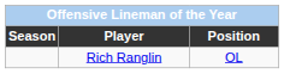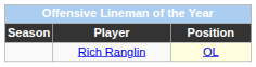 <table class="wikitable sortable" style="text-align:center">
 <tr>
 <td colspan="4" style="background:#ABCDEF; color:white;"><strong>Offensive Lineman of the Year</strong></td>
 </tr>
 <tr>
 <th style="width:50px; background:#333; color:white;">Season</th>
 <th style="width:150px; background:#333; color:white;">Player</th>
 <th style="width:100px; background:#333; color:white;">Position</th>
 </tr>
 <tr>
 <td></td>
 <td><a href='#'>Rich Ranglin</a></td>
-<td><a href='#'>OL</a></td>
+<td style="background: lightyellow;"><a href='#'>OL</a></td>
 </tr>
 </table>
